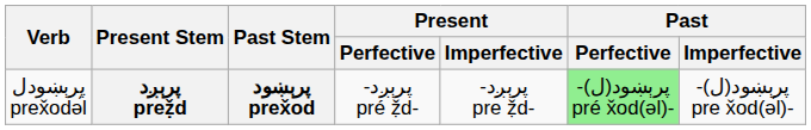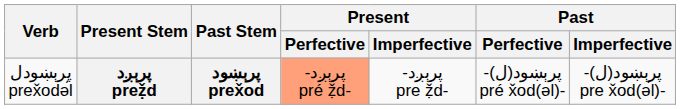 <table class="wikitable" style="text-align: center">
 <tr>
 <th rowspan="2">Verb</th>
 <th rowspan="2">Present Stem</th>
 <th rowspan="2">Past Stem</th>
 <th colspan="2">Present</th>
 <th colspan="2">Past</th>
 </tr>
 <tr>
 <th>Perfective</th>
 <th>Imperfective</th>
 <th>Perfective</th>
 <th>Imperfective</th>
 </tr>
 <tr>
 <td>پرېښودل <br> prex̌odә́l</td>
 <th>پرېږد <br> preẓ̌d</th>
 <th>پرېښود  <br> prex̌od</th>
-<td>-پرېږد<br> pré ẓ̌d-</td>
+<td style="background: lightsalmon;">-پرېږد<br> pré ẓ̌d-</td>
 <td>-پرېږد <br> pre ẓ̌d-</td>
-<td style="background: lightgreen;">-(پرېښود(ل <br>pré x̌od(əl)-</td>
+<td>-(پرېښود(ل <br>pré x̌od(əl)-</td>
 <td>-(پرېښود(ل <br>pre x̌od(ә́l)-</td>
 </tr>
 </table>
